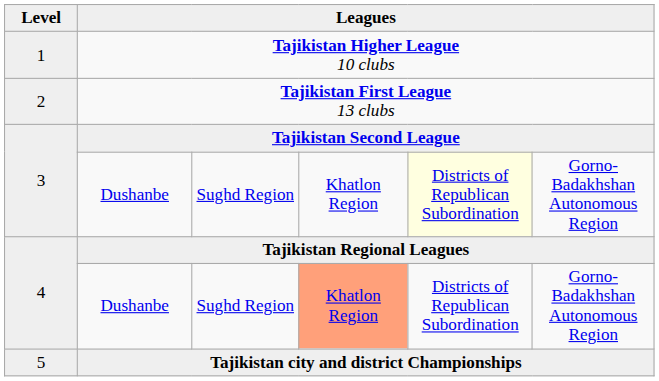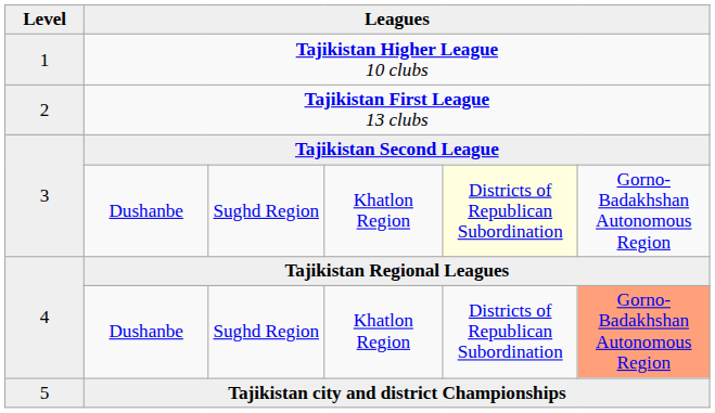 <table class="wikitable" border="1">
 <tr>
 <td width="75" align="center" style="background:#efefef"><strong>Level</strong></td>
 <td colspan="5" align="center" style="background:#efefef"><strong>Leagues</strong></td>
 </tr>
 <tr>
 <td align="center" style="background:#efefef">1</td>
 <td colspan="5" align="center"><strong><a href='#'>Tajikistan Higher League</a></strong><br><em>10 clubs</em></td>
 </tr>
 <tr>
 <td align="center" style="background:#efefef">2</td>
 <td colspan="5" align="center"><strong><a href='#'>Tajikistan First League</a></strong><br><em>13 clubs</em></td>
 </tr>
 <tr>
 <td rowspan="2" style="background:#efefef" align="center">3</td>
 <td colspan="5" align="center" style="background:#efefef"><strong><a href='#'>Tajikistan Second League</a></strong></td>
 </tr>
 <tr>
 <td width="120" align="center"><a href='#'>Dushanbe</a></td>
 <td width="120" align="center"><a href='#'>Sughd Region</a></td>
 <td width="120" align="center"><a href='#'>Khatlon Region</a></td>
 <td width="120" align="center" style="background: lightyellow;"><a href='#'>Districts of Republican Subordination</a></td>
 <td width="120" align="center"><a href='#'>Gorno-Badakhshan Autonomous Region</a></td>
 </tr>
 <tr>
 <td rowspan="2" style="background:#efefef" align="center">4</td>
 <td colspan="5" align="center" style="background:#efefef"><strong>Tajikistan Regional Leagues</strong></td>
 </tr>
 <tr>
 <td width="120" align="center"><a href='#'>Dushanbe</a></td>
 <td width="120" align="center"><a href='#'>Sughd Region</a></td>
-<td width="120" align="center" style="background: lightsalmon;"><a href='#'>Khatlon Region</a></td>
+<td width="120" align="center"><a href='#'>Khatlon Region</a></td>
 <td width="120" align="center"><a href='#'>Districts of Republican Subordination</a></td>
-<td width="120" align="center"><a href='#'>Gorno-Badakhshan Autonomous Region</a></td>
+<td width="120" align="center" style="background: lightsalmon;"><a href='#'>Gorno-Badakhshan Autonomous Region</a></td>
 </tr>
 <tr>
 <td style="background:#efefef" align="center">5</td>
 <td colspan="5" align="center" style="background:#efefef"><strong>Tajikistan city and district Championships</strong></td>
 </tr>
 </table>
